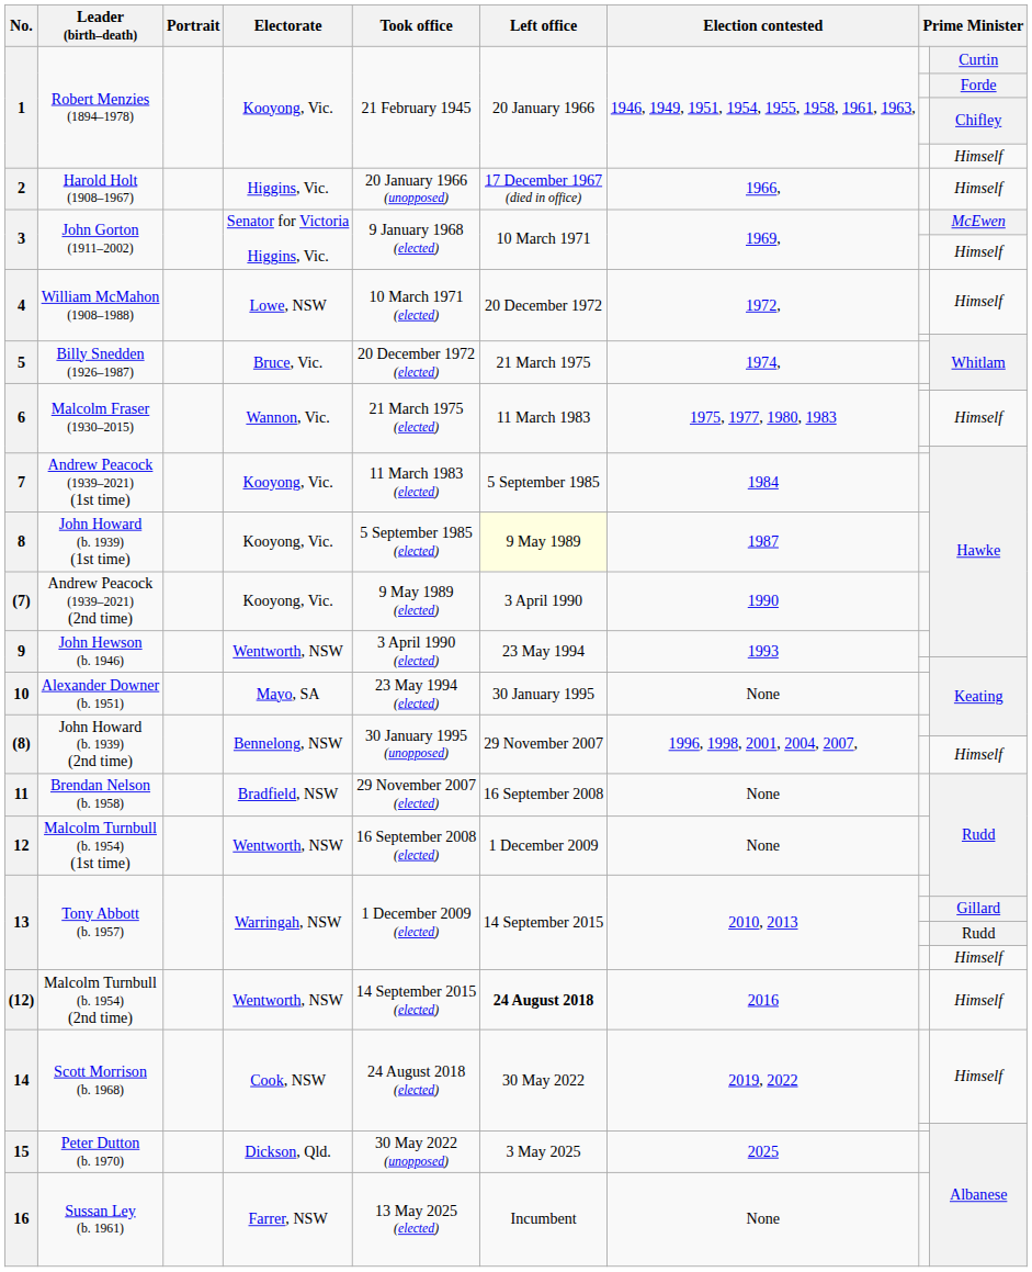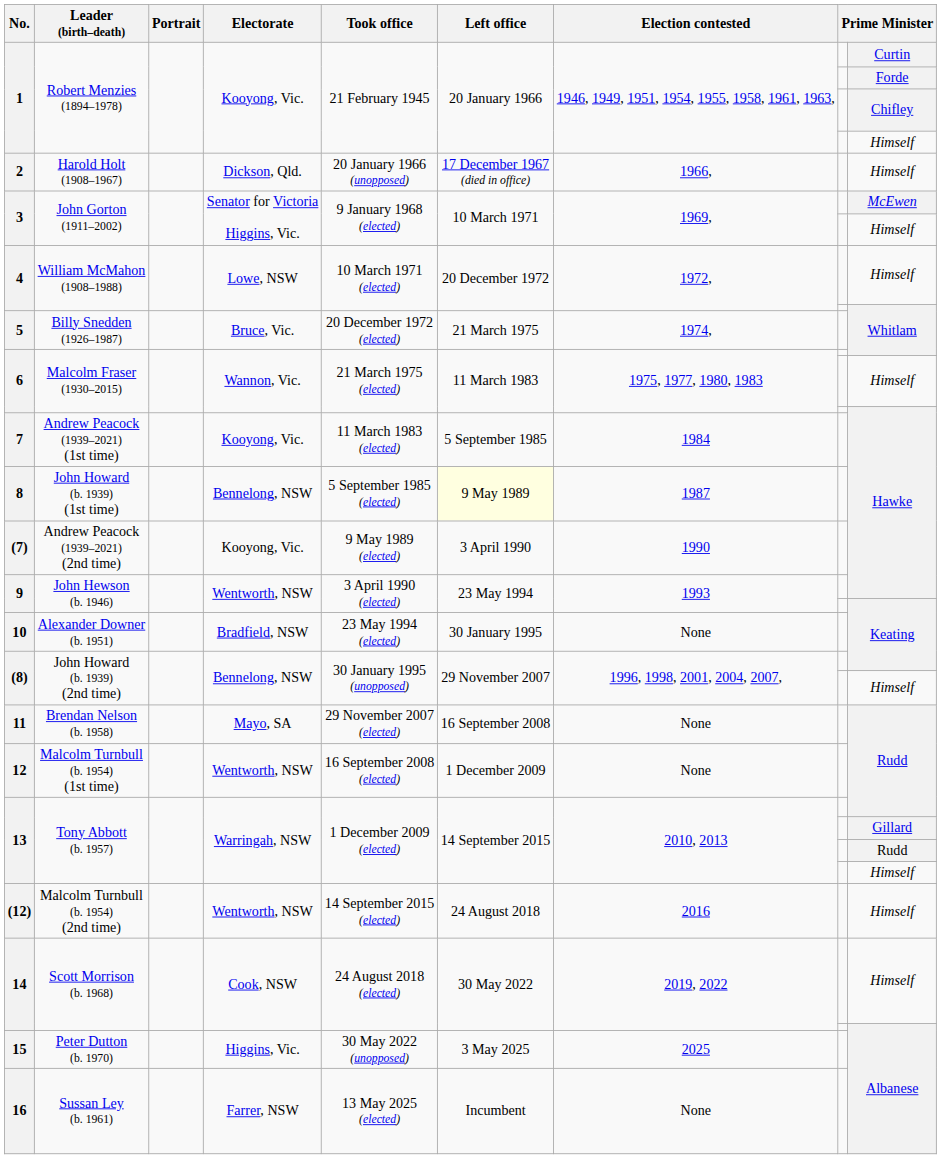 <table class="wikitable" style="text-align:center">
 <tr>
 <th>No.</th>
 <th>Leader<br><small>(birth–death)</small></th>
 <th>Portrait</th>
 <th>Electorate</th>
 <th>Took office</th>
 <th>Left office</th>
 <th>Election contested</th>
 <th colspan="2">Prime Minister </th>
 </tr>
 <tr>
 <th rowspan="4">1</th>
 <td rowspan="4"><a href='#'>Robert Menzies</a><br><small>(1894–1978)</small></td>
 <td rowspan="4"></td>
 <td rowspan="4"><a href='#'>Kooyong</a>, Vic.</td>
 <td rowspan="4">21 February 1945</td>
 <td rowspan="4">20 January 1966</td>
 <td rowspan="4"><a href='#'>1946</a>, <a href='#'>1949</a>, <a href='#'>1951</a>, <a href='#'>1954</a>, <a href='#'>1955</a>, <a href='#'>1958</a>, <a href='#'>1961</a>, <a href='#'>1963</a>,</td>
 <td height=20 style="background-color: "></td>
 <th style="font-weight:normal"><a href='#'>Curtin</a> <small></small></th>
 </tr>
 <tr>
 <td style="background-color: "></td>
 <th style="font-weight:normal"><a href='#'>Forde</a> <small></small></th>
 </tr>
 <tr>
 <td height=40 style="background-color: "></td>
 <th style="font-weight:normal"><a href='#'>Chifley</a> <small></small></th>
 </tr>
 <tr>
 <td style="background-color: "></td>
 <td><em>Himself</em> </td>
 </tr>
 <tr>
 <th>2</th>
 <td><a href='#'>Harold Holt</a><br><small>(1908–1967)</small></td>
 <td></td>
-<td><a href='#'>Higgins</a>, Vic.</td>
+<td><a href='#'>Dickson</a>, Qld.</td>
 <td>20 January 1966 <br> <small><em>(<a href='#'>unopposed</a>)</em></small></td>
 <td><a href='#'>17 December 1967</a> <br> <small><em>(died in office)</em></small></td>
 <td><a href='#'>1966</a>,</td>
 <td style="background-color: "></td>
 <td><em>Himself</em> </td>
 </tr>
 <tr>
 <th rowspan="2">3</th>
 <td rowspan="2"><a href='#'>John Gorton</a><br><small>(1911–2002)</small></td>
 <td rowspan="2"></td>
 <td rowspan="2"><a href='#'>Senator</a> for <a href='#'>Victoria</a> <br>  <br> <a href='#'>Higgins</a>, Vic.</td>
 <td rowspan="2">9 January 1968 <br> <small><em>(<a href='#'>elected</a>)</em></small></td>
 <td rowspan="2">10 March 1971</td>
 <td rowspan="2"><a href='#'>1969</a>,</td>
 <td height=15 style="background-color: "></td>
 <th style="font-weight:normal"><em><a href='#'>McEwen</a></em> <small></small></th>
 </tr>
 <tr>
 <td style="background-color: "></td>
 <td><em>Himself</em> </td>
 </tr>
 <tr>
 <th rowspan="2">4</th>
 <td rowspan="2"><a href='#'>William McMahon</a><br><small>(1908–1988)</small></td>
 <td rowspan="2"></td>
 <td rowspan="2"><a href='#'>Lowe</a>, NSW</td>
 <td rowspan="2">10 March 1971 <br> <small><em>(<a href='#'>elected</a>)</em></small></td>
 <td rowspan="2">20 December 1972</td>
 <td rowspan="2"><a href='#'>1972</a>,</td>
 <td height=60 style="background-color: "></td>
 <td><em>Himself</em> </td>
 </tr>
 <tr>
 <td style="background-color: "></td>
 <th style="font-weight:normal" rowspan="3"><a href='#'>Whitlam</a> <small></small></th>
 </tr>
 <tr>
 <th>5</th>
 <td><a href='#'>Billy Snedden</a><br><small>(1926–1987)</small></td>
 <td></td>
 <td><a href='#'>Bruce</a>, Vic.</td>
 <td>20 December 1972 <br> <small><em>(<a href='#'>elected</a>)</em></small></td>
 <td>21 March 1975</td>
 <td><a href='#'>1974</a>,</td>
 <td style="background-color: "></td>
 </tr>
 <tr>
 <th rowspan="3">6</th>
 <td rowspan="3"><a href='#'>Malcolm Fraser</a><br><small>(1930–2015)</small></td>
 <td rowspan="3"></td>
 <td rowspan="3"><a href='#'>Wannon</a>, Vic.</td>
 <td rowspan="3">21 March 1975 <br> <small><em>(<a href='#'>elected</a>)</em></small></td>
 <td rowspan="3">11 March 1983</td>
 <td rowspan="3"><a href='#'>1975</a>, <a href='#'>1977</a>, <a href='#'>1980</a>, <a href='#'>1983</a></td>
 <td style="background-color: "></td>
 </tr>
 <tr>
 <td height=50 style="background-color: "></td>
 <td><em>Himself</em> </td>
 </tr>
 <tr>
 <td style="background-color: "></td>
 <th style="font-weight:normal" rowspan="5"><a href='#'>Hawke</a> <small></small></th>
 </tr>
 <tr>
 <th>7</th>
 <td><a href='#'>Andrew Peacock</a><br><small>(1939–2021)</small><br>(1st time)</td>
 <td></td>
 <td><a href='#'>Kooyong</a>, Vic.</td>
 <td>11 March 1983 <br> <small><em>(<a href='#'>elected</a>)</em></small></td>
 <td>5 September 1985</td>
 <td><a href='#'>1984</a></td>
 <td style="background-color: "></td>
 </tr>
 <tr>
 <th>8</th>
 <td><a href='#'>John Howard</a><br><small>(b. 1939)</small><br>(1st time)</td>
 <td></td>
-<td>Kooyong, Vic.</td>
+<td><a href='#'>Bennelong</a>, NSW</td>
 <td>5 September 1985 <br> <small><em>(<a href='#'>elected</a>)</em></small></td>
 <td style="background: lightyellow;">9 May 1989</td>
 <td><a href='#'>1987</a></td>
 <td style="background-color: "></td>
 </tr>
 <tr>
 <th>(7)</th>
 <td>Andrew Peacock<br><small>(1939–2021)</small><br>(2nd time)</td>
 <td></td>
 <td>Kooyong, Vic.</td>
 <td>9 May 1989 <br> <small><em>(<a href='#'>elected</a>)</em></small></td>
 <td>3 April 1990</td>
 <td><a href='#'>1990</a></td>
 <td style="background-color: "></td>
 </tr>
 <tr>
 <th rowspan="2">9</th>
 <td rowspan="2"><a href='#'>John Hewson</a><br><small>(b. 1946)</small></td>
 <td rowspan="2"></td>
 <td rowspan="2"><a href='#'>Wentworth</a>, NSW</td>
 <td rowspan="2">3 April 1990 <br> <small><em>(<a href='#'>elected</a>)</em></small></td>
 <td rowspan="2">23 May 1994</td>
 <td rowspan="2"><a href='#'>1993</a></td>
 <td height=20 style="background-color: "></td>
 </tr>
 <tr>
 <td style="background-color: "></td>
 <th style="font-weight:normal" rowspan="3"><a href='#'>Keating</a> </th>
 </tr>
 <tr>
 <th>10</th>
 <td><a href='#'>Alexander Downer</a><br><small>(b. 1951)</small></td>
 <td></td>
-<td><a href='#'>Mayo</a>, SA</td>
+<td><a href='#'>Bradfield</a>, NSW</td>
 <td>23 May 1994 <br> <small><em>(<a href='#'>elected</a>)</em></small></td>
 <td>30 January 1995</td>
 <td>None</td>
 <td style="background-color: "></td>
 </tr>
 <tr>
 <th rowspan="2">(8)</th>
 <td rowspan="2">John Howard<br><small>(b. 1939)</small><br>(2nd time)</td>
 <td rowspan="2"></td>
 <td rowspan="2"><a href='#'>Bennelong</a>, NSW</td>
 <td rowspan="2">30 January 1995 <br> <small><em>(<a href='#'>unopposed</a>)</em></small></td>
 <td rowspan="2">29 November 2007</td>
 <td rowspan="2"><a href='#'>1996</a>, <a href='#'>1998</a>, <a href='#'>2001</a>, <a href='#'>2004</a>, <a href='#'>2007</a>,</td>
 <td height=15 style="background-color: "></td>
 </tr>
 <tr>
 <td style="background-color: "></td>
 <td><em>Himself</em> </td>
 </tr>
 <tr>
 <th>11</th>
 <td><a href='#'>Brendan Nelson</a><br><small>(b. 1958)</small></td>
 <td></td>
-<td><a href='#'>Bradfield</a>, NSW</td>
+<td><a href='#'>Mayo</a>, SA</td>
 <td>29 November 2007 <br> <small><em>(<a href='#'>elected</a>)</em></small></td>
 <td>16 September 2008</td>
 <td>None</td>
 <td style="background-color: "></td>
 <th style="font-weight:normal" rowspan="3"><a href='#'>Rudd</a> </th>
 </tr>
 <tr>
 <th>12</th>
 <td><a href='#'>Malcolm Turnbull</a><br><small>(b. 1954)</small><br>(1st time)</td>
 <td></td>
 <td><a href='#'>Wentworth</a>, NSW</td>
 <td>16 September 2008 <br> <small><em>(<a href='#'>elected</a>)</em></small></td>
 <td>1 December 2009</td>
 <td>None</td>
 <td style="background-color: "></td>
 </tr>
 <tr>
 <th rowspan="4">13</th>
 <td rowspan="4"><a href='#'>Tony Abbott</a><br><small>(b. 1957)</small></td>
 <td rowspan="4"></td>
 <td rowspan="4"><a href='#'>Warringah</a>, NSW</td>
 <td rowspan="4">1 December 2009 <br> <small><em>(<a href='#'>elected</a>)</em></small></td>
 <td rowspan="4">14 September 2015</td>
 <td rowspan="4"><a href='#'>2010</a>, <a href='#'>2013</a></td>
 <td height=15 style="background-color: "></td>
 </tr>
 <tr>
 <td style="background-color: "></td>
 <th style="font-weight:normal"><a href='#'>Gillard</a> </th>
 </tr>
 <tr>
 <td style="background-color: "></td>
 <th style="font-weight:normal">Rudd </th>
 </tr>
 <tr>
 <td style="background-color: "></td>
 <td><em>Himself</em> </td>
 </tr>
 <tr>
 <th>(12)</th>
 <td>Malcolm Turnbull<br><small>(b. 1954)</small><br>(2nd time)</td>
 <td></td>
 <td><a href='#'>Wentworth</a>, NSW</td>
 <td>14 September 2015 <br> <small><em>(<a href='#'>elected</a>)</em></small></td>
-<td><strong>24 August 2018</strong></td>
+<td>24 August 2018</td>
 <td><a href='#'>2016</a></td>
 <td style="background-color: "></td>
 <td><em>Himself</em> </td>
 </tr>
 <tr>
 <th rowspan="2">14</th>
 <td rowspan="2"><a href='#'>Scott Morrison</a><br><small>(b. 1968)</small></td>
 <td rowspan="2"></td>
 <td rowspan="2"><a href='#'>Cook</a>, NSW</td>
 <td rowspan="2">24 August 2018 <br> <small><em>(<a href='#'>elected</a>)</em></small></td>
 <td rowspan="2">30 May 2022</td>
 <td rowspan="2"><a href='#'>2019</a>, <a href='#'>2022</a></td>
 <td height=90 style="background-color: "></td>
 <td><em>Himself</em> </td>
 </tr>
 <tr>
 <td style="background-color: "></td>
 <th rowspan="3" style="font-weight:normal"><a href='#'>Albanese</a> </th>
 </tr>
 <tr>
 <th>15</th>
 <td><a href='#'>Peter Dutton</a><br><small>(b. 1970)</small><br></td>
 <td></td>
-<td><a href='#'>Dickson</a>, Qld.</td>
+<td><a href='#'>Higgins</a>, Vic.</td>
 <td>30 May 2022 <br> <small><em>(<a href='#'>unopposed</a>)</em></small></td>
 <td>3 May 2025</td>
 <td><a href='#'>2025</a></td>
 <td style="background-color: "></td>
 </tr>
 <tr>
 <th>16</th>
 <td><a href='#'>Sussan Ley</a><br><small>(b. 1961)</small></td>
 <td></td>
 <td><a href='#'>Farrer</a>, NSW</td>
 <td>13 May 2025 <br> <small><em>(<a href='#'>elected</a>)</em></small></td>
 <td>Incumbent</td>
 <td>None</td>
 <td height=90 style="background-color: "></td>
 </tr>
 </table>
